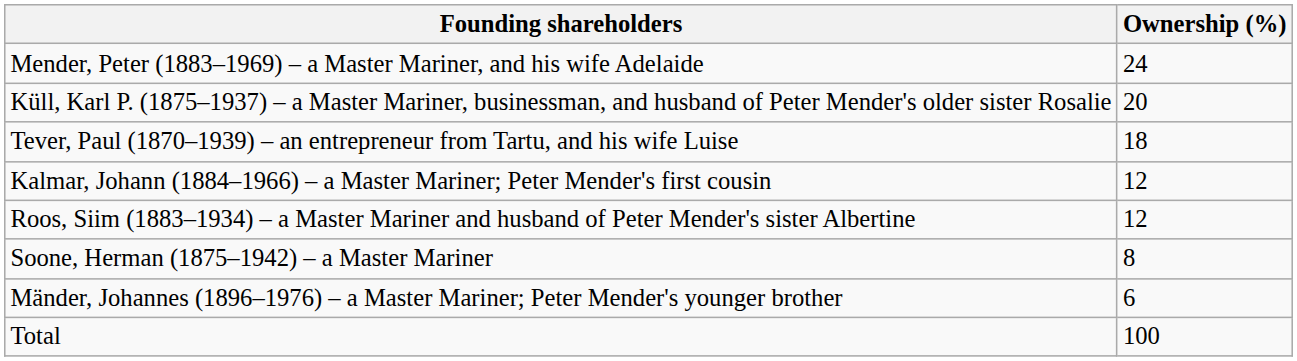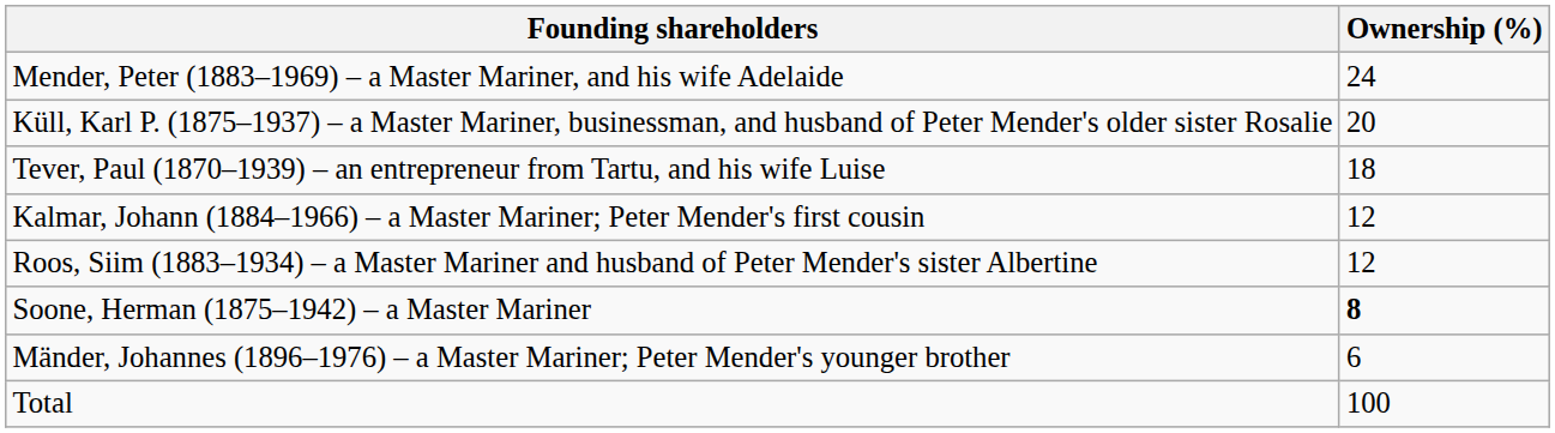 <table class="wikitable">
 <tr>
 <th>Founding shareholders</th>
 <th>Ownership (%)</th>
 </tr>
 <tr>
 <td>Mender, Peter (1883–1969) – a Master Mariner, and his wife Adelaide</td>
 <td>24</td>
 </tr>
 <tr>
 <td>Küll, Karl P. (1875–1937) – a Master Mariner, businessman, and husband of Peter Mender's older sister Rosalie</td>
 <td>20</td>
 </tr>
 <tr>
 <td>Tever, Paul (1870–1939) – an entrepreneur from Tartu, and his wife Luise</td>
 <td>18</td>
 </tr>
 <tr>
 <td>Kalmar, Johann (1884–1966) – a Master Mariner; Peter Mender's first cousin</td>
 <td>12</td>
 </tr>
 <tr>
 <td>Roos, Siim (1883–1934) – a Master Mariner and husband of Peter Mender's sister Albertine</td>
 <td>12</td>
 </tr>
 <tr>
 <td>Soone, Herman (1875–1942) – a Master Mariner</td>
-<td>8</td>
+<td><strong>8</strong></td>
 </tr>
 <tr>
 <td>Mänder, Johannes (1896–1976) – a Master Mariner; Peter Mender's younger brother</td>
 <td>6</td>
 </tr>
 <tr>
 <td>Total</td>
 <td>100</td>
 </tr>
 </table>
